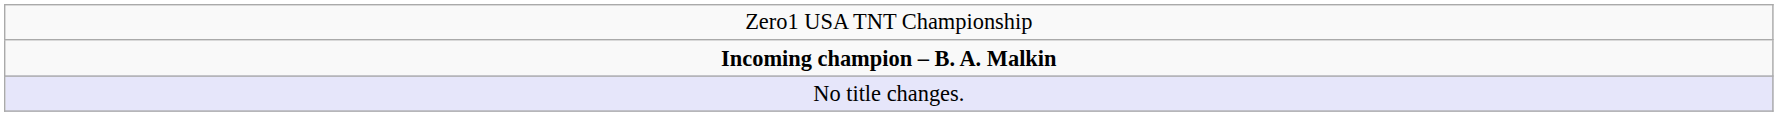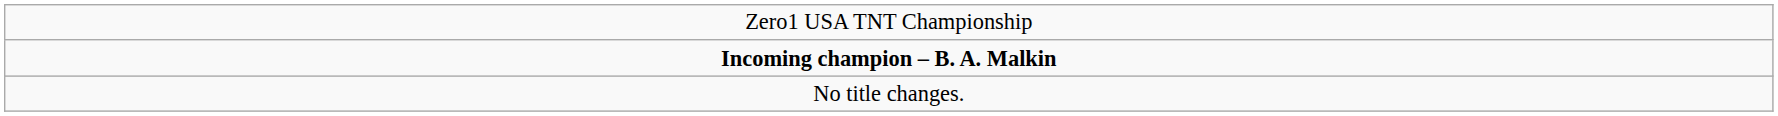 <table class="wikitable" style="text-align:center; width:100%;">
 <tr>
 <td colspan="4" style="text-align: center;">Zero1 USA TNT Championship</td>
 </tr>
 <tr>
 <td colspan="4" style="text-align: center;"><strong>Incoming champion – B. A. Malkin</strong></td>
 </tr>
 <tr>
-<td style="background: lavender;">No title changes.</td>
+<td>No title changes.</td>
 </tr>
 </table>
